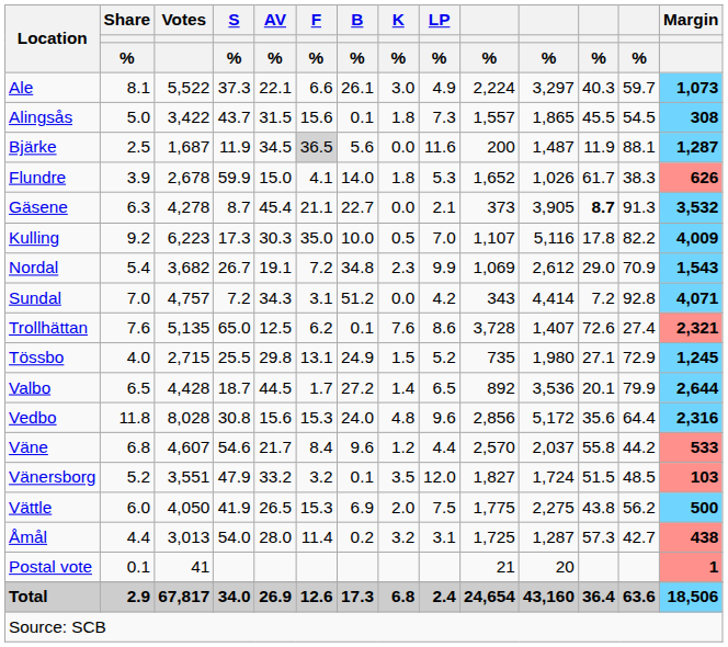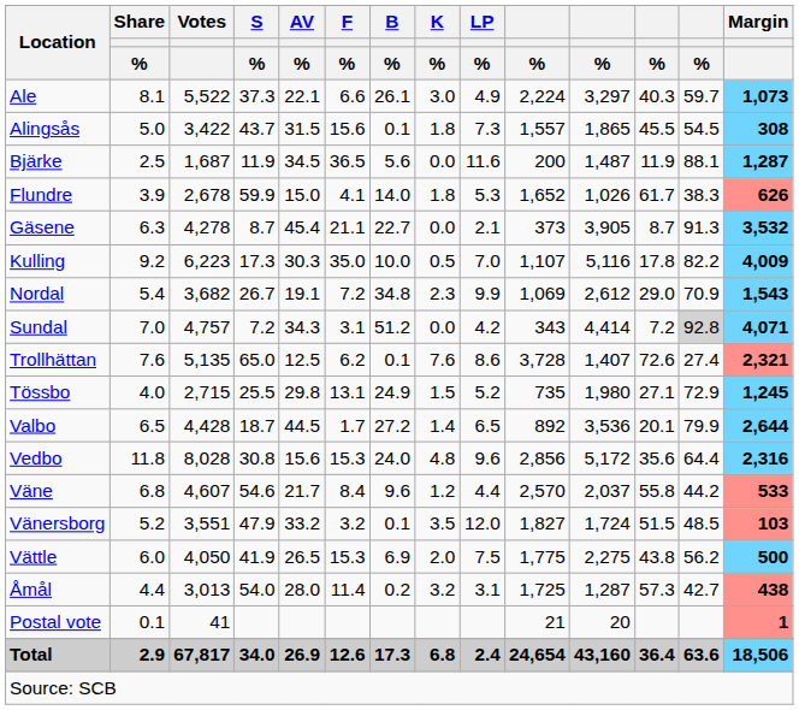 <table class="wikitable sortable" style="text-align:right; font-size:95%; line-height:20px;">
 <tr>
 <th rowspan="3">Location</th>
 <th>Share</th>
 <th>Votes</th>
 <th width="30px" class="unsortable"><a href='#'>S</a></th>
 <th width="30px" class="unsortable"><a href='#'>AV</a></th>
 <th width="30px" class="unsortable"><a href='#'>F</a></th>
 <th width="30px" class="unsortable"><a href='#'>B</a></th>
 <th width="30px" class="unsortable"><a href='#'>K</a></th>
 <th width="30px" class="unsortable"><a href='#'>LP</a></th>
 <th></th>
 <th></th>
 <th></th>
 <th></th>
 <th>Margin</th>
 </tr>
 <tr>
 <th></th>
 <th></th>
 <th style="background:"></th>
 <th style="background:"></th>
 <th style="background:"></th>
 <th style="background:"></th>
 <th style="background:"></th>
 <th style="background:"></th>
 <th style="background:"></th>
 <th style="background:"></th>
 <th style="background:"></th>
 <th style="background:"></th>
 <th></th>
 </tr>
 <tr>
 <th data-sort-type="number">%</th>
 <th></th>
 <th data-sort-type="number">%</th>
 <th data-sort-type="number">%</th>
 <th data-sort-type="number">%</th>
 <th data-sort-type="number">%</th>
 <th data-sort-type="number">%</th>
 <th data-sort-type="number">%</th>
 <th data-sort-type="number">%</th>
 <th data-sort-type="number">%</th>
 <th data-sort-type="number">%</th>
 <th data-sort-type="number">%</th>
 <th></th>
 </tr>
 <tr>
 <td align=left><a href='#'>Ale</a></td>
 <td>8.1</td>
 <td>5,522</td>
 <td>37.3</td>
 <td>22.1</td>
 <td>6.6</td>
 <td>26.1</td>
 <td>3.0</td>
 <td>4.9</td>
 <td>2,224</td>
 <td>3,297</td>
 <td>40.3</td>
 <td>59.7</td>
 <td bgcolor=#6fd5fe><strong>1,073</strong></td>
 </tr>
 <tr>
 <td align=left><a href='#'>Alingsås</a></td>
 <td>5.0</td>
 <td>3,422</td>
 <td>43.7</td>
 <td>31.5</td>
 <td>15.6</td>
 <td>0.1</td>
 <td>1.8</td>
 <td>7.3</td>
 <td>1,557</td>
 <td>1,865</td>
 <td>45.5</td>
 <td>54.5</td>
 <td bgcolor=#6fd5fe><strong>308</strong></td>
 </tr>
 <tr>
 <td align=left><a href='#'>Bjärke</a></td>
 <td>2.5</td>
 <td>1,687</td>
 <td>11.9</td>
 <td>34.5</td>
-<td style="background: lightgrey;">36.5</td>
+<td>36.5</td>
 <td>5.6</td>
 <td>0.0</td>
 <td>11.6</td>
 <td>200</td>
 <td>1,487</td>
 <td>11.9</td>
 <td>88.1</td>
 <td bgcolor=#6fd5fe><strong>1,287</strong></td>
 </tr>
 <tr>
 <td align=left><a href='#'>Flundre</a></td>
 <td>3.9</td>
 <td>2,678</td>
 <td>59.9</td>
 <td>15.0</td>
 <td>4.1</td>
 <td>14.0</td>
 <td>1.8</td>
 <td>5.3</td>
 <td>1,652</td>
 <td>1,026</td>
 <td>61.7</td>
 <td>38.3</td>
 <td bgcolor=#ff908c><strong>626</strong></td>
 </tr>
 <tr>
 <td align=left><a href='#'>Gäsene</a></td>
 <td>6.3</td>
 <td>4,278</td>
 <td>8.7</td>
 <td>45.4</td>
 <td>21.1</td>
 <td>22.7</td>
 <td>0.0</td>
 <td>2.1</td>
 <td>373</td>
 <td>3,905</td>
-<td><strong>8.7</strong></td>
+<td>8.7</td>
 <td>91.3</td>
 <td bgcolor=#6fd5fe><strong>3,532</strong></td>
 </tr>
 <tr>
 <td align=left><a href='#'>Kulling</a></td>
 <td>9.2</td>
 <td>6,223</td>
 <td>17.3</td>
 <td>30.3</td>
 <td>35.0</td>
 <td>10.0</td>
 <td>0.5</td>
 <td>7.0</td>
 <td>1,107</td>
 <td>5,116</td>
 <td>17.8</td>
 <td>82.2</td>
 <td bgcolor=#6fd5fe><strong>4,009</strong></td>
 </tr>
 <tr>
 <td align=left><a href='#'>Nordal</a></td>
 <td>5.4</td>
 <td>3,682</td>
 <td>26.7</td>
 <td>19.1</td>
 <td>7.2</td>
 <td>34.8</td>
 <td>2.3</td>
 <td>9.9</td>
 <td>1,069</td>
 <td>2,612</td>
 <td>29.0</td>
 <td>70.9</td>
 <td bgcolor=#6fd5fe><strong>1,543</strong></td>
 </tr>
 <tr>
 <td align=left><a href='#'>Sundal</a></td>
 <td>7.0</td>
 <td>4,757</td>
 <td>7.2</td>
 <td>34.3</td>
 <td>3.1</td>
 <td>51.2</td>
 <td>0.0</td>
 <td>4.2</td>
 <td>343</td>
 <td>4,414</td>
 <td>7.2</td>
-<td>92.8</td>
+<td style="background: lightgrey;">92.8</td>
 <td bgcolor=#6fd5fe><strong>4,071</strong></td>
 </tr>
 <tr>
 <td align=left><a href='#'>Trollhättan</a></td>
 <td>7.6</td>
 <td>5,135</td>
 <td>65.0</td>
 <td>12.5</td>
 <td>6.2</td>
 <td>0.1</td>
 <td>7.6</td>
 <td>8.6</td>
 <td>3,728</td>
 <td>1,407</td>
 <td>72.6</td>
 <td>27.4</td>
 <td bgcolor=#ff908c><strong>2,321</strong></td>
 </tr>
 <tr>
 <td align=left><a href='#'>Tössbo</a></td>
 <td>4.0</td>
 <td>2,715</td>
 <td>25.5</td>
 <td>29.8</td>
 <td>13.1</td>
 <td>24.9</td>
 <td>1.5</td>
 <td>5.2</td>
 <td>735</td>
 <td>1,980</td>
 <td>27.1</td>
 <td>72.9</td>
 <td bgcolor=#6fd5fe><strong>1,245</strong></td>
 </tr>
 <tr>
 <td align=left><a href='#'>Valbo</a></td>
 <td>6.5</td>
 <td>4,428</td>
 <td>18.7</td>
 <td>44.5</td>
 <td>1.7</td>
 <td>27.2</td>
 <td>1.4</td>
 <td>6.5</td>
 <td>892</td>
 <td>3,536</td>
 <td>20.1</td>
 <td>79.9</td>
 <td bgcolor=#6fd5fe><strong>2,644</strong></td>
 </tr>
 <tr>
 <td align=left><a href='#'>Vedbo</a></td>
 <td>11.8</td>
 <td>8,028</td>
 <td>30.8</td>
 <td>15.6</td>
 <td>15.3</td>
 <td>24.0</td>
 <td>4.8</td>
 <td>9.6</td>
 <td>2,856</td>
 <td>5,172</td>
 <td>35.6</td>
 <td>64.4</td>
 <td bgcolor=#6fd5fe><strong>2,316</strong></td>
 </tr>
 <tr>
 <td align=left><a href='#'>Väne</a></td>
 <td>6.8</td>
 <td>4,607</td>
 <td>54.6</td>
 <td>21.7</td>
 <td>8.4</td>
 <td>9.6</td>
 <td>1.2</td>
 <td>4.4</td>
 <td>2,570</td>
 <td>2,037</td>
 <td>55.8</td>
 <td>44.2</td>
 <td bgcolor=#ff908c><strong>533</strong></td>
 </tr>
 <tr>
 <td align=left><a href='#'>Vänersborg</a></td>
 <td>5.2</td>
 <td>3,551</td>
 <td>47.9</td>
 <td>33.2</td>
 <td>3.2</td>
 <td>0.1</td>
 <td>3.5</td>
 <td>12.0</td>
 <td>1,827</td>
 <td>1,724</td>
 <td>51.5</td>
 <td>48.5</td>
 <td bgcolor=#ff908c><strong>103</strong></td>
 </tr>
 <tr>
 <td align=left><a href='#'>Vättle</a></td>
 <td>6.0</td>
 <td>4,050</td>
 <td>41.9</td>
 <td>26.5</td>
 <td>15.3</td>
 <td>6.9</td>
 <td>2.0</td>
 <td>7.5</td>
 <td>1,775</td>
 <td>2,275</td>
 <td>43.8</td>
 <td>56.2</td>
 <td bgcolor=#6fd5fe><strong>500</strong></td>
 </tr>
 <tr>
 <td align=left><a href='#'>Åmål</a></td>
 <td>4.4</td>
 <td>3,013</td>
 <td>54.0</td>
 <td>28.0</td>
 <td>11.4</td>
 <td>0.2</td>
 <td>3.2</td>
 <td>3.1</td>
 <td>1,725</td>
 <td>1,287</td>
 <td>57.3</td>
 <td>42.7</td>
 <td bgcolor=#ff908c><strong>438</strong></td>
 </tr>
 <tr>
 <td align=left><a href='#'>Postal vote</a></td>
 <td>0.1</td>
 <td>41</td>
 <td></td>
 <td></td>
 <td></td>
 <td></td>
 <td></td>
 <td></td>
 <td>21</td>
 <td>20</td>
 <td></td>
 <td></td>
 <td bgcolor=#ff908c><strong>1</strong></td>
 </tr>
 <tr>
 </tr>
 <tr style="background:#CDCDCD;">
 <td align=left><strong>Total</strong></td>
 <td><strong>2.9</strong></td>
 <td><strong>67,817</strong></td>
 <td><strong>34.0</strong></td>
 <td><strong>26.9</strong></td>
 <td><strong>12.6</strong></td>
 <td><strong>17.3</strong></td>
 <td><strong>6.8</strong></td>
 <td><strong>2.4</strong></td>
 <td><strong>24,654</strong></td>
 <td><strong>43,160</strong></td>
 <td><strong>36.4</strong></td>
 <td><strong>63.6</strong></td>
 <td bgcolor=#6fd5fe><strong>18,506</strong></td>
 </tr>
 <tr>
 <td align=left colspan=14>Source: SCB </td>
 </tr>
 </table>
